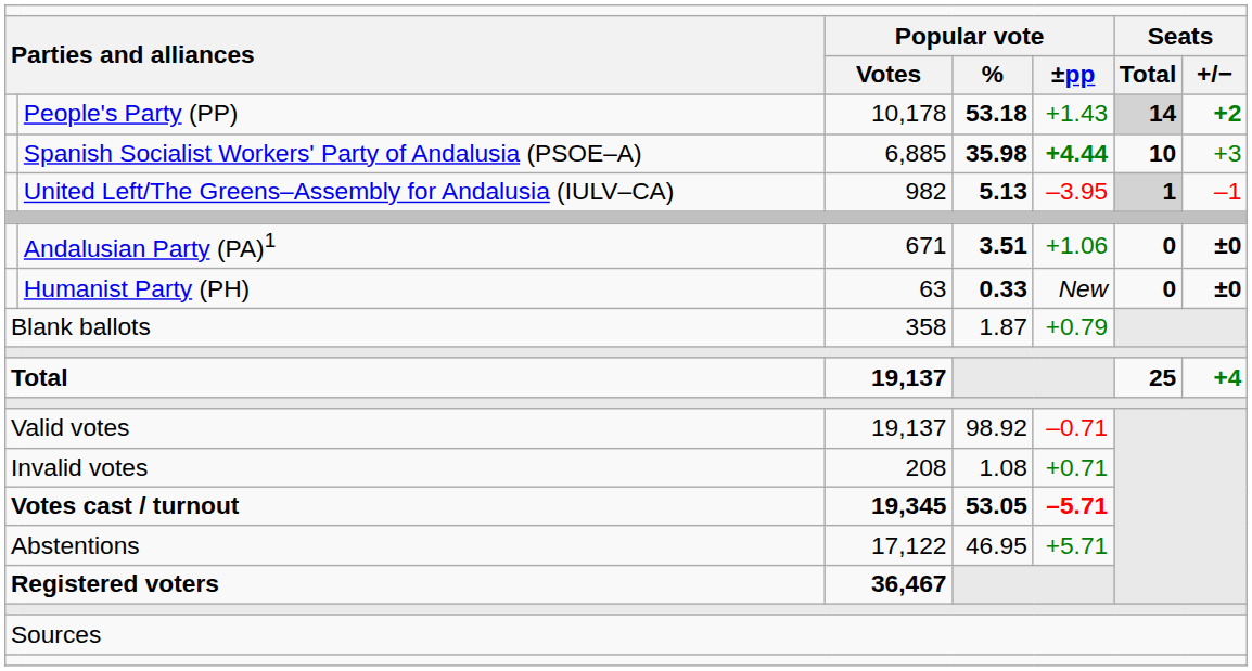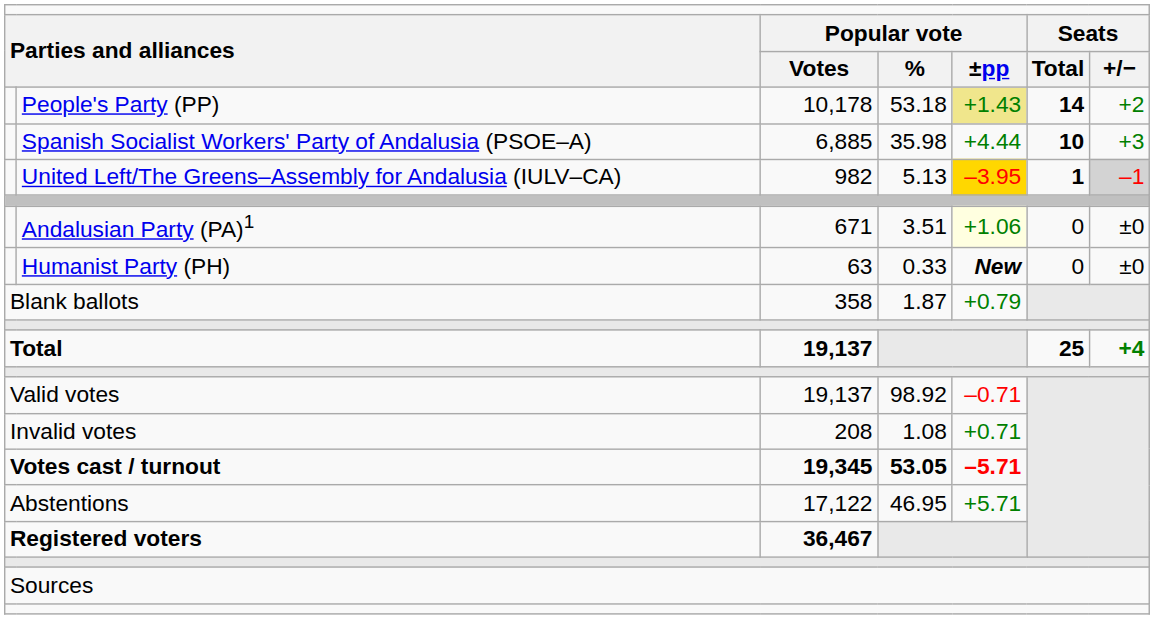 <table class="wikitable" style="text-align:right;">
 <tr>
 <td colspan="7"></td>
 </tr>
 <tr>
 <th style="text-align:left;" rowspan="2" colspan="2" width="525">Parties and alliances</th>
 <th colspan="3">Popular vote</th>
 <th colspan="2">Seats</th>
 </tr>
 <tr>
 <th width="75">Votes</th>
 <th width="45">%</th>
 <th width="45">±<a href='#'>pp</a></th>
 <th width="35">Total</th>
 <th width="35">+/−</th>
 </tr>
 <tr>
 <td width="1" style="color:inherit;background:"></td>
 <td align="left"><a href='#'>People's Party</a> (PP)</td>
 <td>10,178</td>
-<td><strong>53.18</strong></td>
-<td style="color:green;">+1.43</td>
-<td style="background: lightgrey;"><strong>14</strong></td>
-<td style="color:green;"><strong>+2</strong></td>
+<td>53.18</td>
+<td style="background: khaki; color:green;">+1.43</td>
+<td><strong>14</strong></td>
+<td style="color:green;">+2</td>
 </tr>
 <tr>
 <td style="color:inherit;background:"></td>
 <td align="left"><a href='#'>Spanish Socialist Workers' Party of Andalusia</a> (PSOE–A)</td>
 <td>6,885</td>
-<td><strong>35.98</strong></td>
-<td style="color:green;"><strong>+4.44</strong></td>
+<td>35.98</td>
+<td style="color:green;">+4.44</td>
 <td><strong>10</strong></td>
 <td style="color:green;">+3</td>
 </tr>
 <tr>
 <td style="color:inherit;background:"></td>
 <td align="left"><a href='#'>United Left/The Greens–Assembly for Andalusia</a> (IULV–CA)</td>
 <td>982</td>
-<td><strong>5.13</strong></td>
-<td style="color:red;">–3.95</td>
-<td style="background: lightgrey;"><strong>1</strong></td>
-<td style="color:red;">–1</td>
+<td>5.13</td>
+<td style="background: gold; color:red;">–3.95</td>
+<td><strong>1</strong></td>
+<td style="background: lightgrey; color:red;">–1</td>
 </tr>
 <tr>
 <td colspan="7" bgcolor="#C0C0C0"></td>
 </tr>
 <tr>
 <td style="color:inherit;background:"></td>
 <td align="left"><a href='#'>Andalusian Party</a> (PA)<sup>1</sup></td>
 <td>671</td>
-<td><strong>3.51</strong></td>
-<td style="color:green;">+1.06</td>
-<td><strong>0</strong></td>
-<td><strong>±0</strong></td>
+<td>3.51</td>
+<td style="background: lightyellow; color:green;">+1.06</td>
+<td>0</td>
+<td>±0</td>
 </tr>
 <tr>
 <td style="color:inherit;background:"></td>
 <td align="left"><a href='#'>Humanist Party</a> (PH)</td>
 <td>63</td>
-<td><strong>0.33</strong></td>
-<td><em>New</em></td>
-<td><strong>0</strong></td>
-<td><strong>±0</strong></td>
+<td>0.33</td>
+<td><strong><em>New</em></strong></td>
+<td>0</td>
+<td>±0</td>
 </tr>
 <tr>
 <td align="left" colspan="2">Blank ballots</td>
 <td>358</td>
 <td>1.87</td>
 <td style="color:green;">+0.79</td>
 <td bgcolor="#E9E9E9" colspan="2"></td>
 </tr>
 <tr>
 <td colspan="7" bgcolor="#E9E9E9"></td>
 </tr>
 <tr style="font-weight:bold;">
 <td align="left" colspan="2">Total</td>
 <td>19,137</td>
 <td bgcolor="#E9E9E9" colspan="2"></td>
 <td>25</td>
 <td style="color:green;">+4</td>
 </tr>
 <tr>
 <td colspan="7" bgcolor="#E9E9E9"></td>
 </tr>
 <tr>
 <td align="left" colspan="2">Valid votes</td>
 <td>19,137</td>
 <td>98.92</td>
 <td style="color:red;">–0.71</td>
 <td bgcolor="#E9E9E9" colspan="2" rowspan="5"></td>
 </tr>
 <tr>
 <td align="left" colspan="2">Invalid votes</td>
 <td>208</td>
 <td>1.08</td>
 <td style="color:green;">+0.71</td>
 </tr>
 <tr style="font-weight:bold;">
 <td align="left" colspan="2">Votes cast / turnout</td>
 <td>19,345</td>
 <td>53.05</td>
 <td style="color:red;">–5.71</td>
 </tr>
 <tr>
 <td align="left" colspan="2">Abstentions</td>
 <td>17,122</td>
 <td>46.95</td>
 <td style="color:green;">+5.71</td>
 </tr>
 <tr style="font-weight:bold;">
 <td align="left" colspan="2">Registered voters</td>
 <td>36,467</td>
 <td bgcolor="#E9E9E9" colspan="2"></td>
 </tr>
 <tr>
 <td colspan="7" bgcolor="#E9E9E9"></td>
 </tr>
 <tr>
 <td align="left" colspan="7">Sources</td>
 </tr>
 <tr>
 <td colspan="7" style="text-align:left; max-width:790px;"></td>
 </tr>
 </table>
